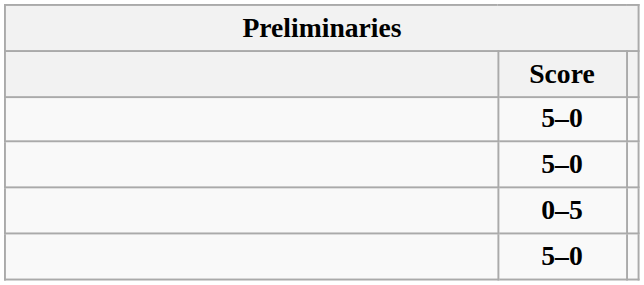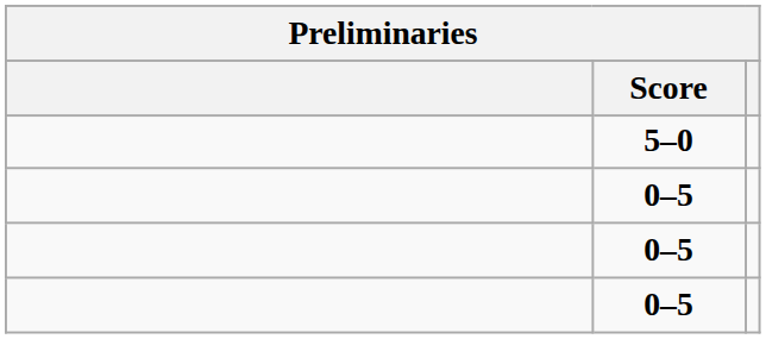 <table class="wikitable" style="text-align: center; font-size:90% ">
 <tr>
 <th colspan=3>Preliminaries</th>
 </tr>
 <tr>
 <th align="right" width="250"></th>
 <th width="60">Score</th>
 <th align=leftwidth="250"></th>
 </tr>
 <tr>
 <td align=left><strong></strong></td>
 <td><strong>5–0</strong></td>
 <td align=left></td>
 </tr>
 <tr>
 <td align=left></td>
-<td><strong>5–0</strong></td>
+<td><strong>0–5</strong></td>
 <td align=left><strong></strong></td>
 </tr>
 <tr>
 <td align=left></td>
 <td><strong>0–5</strong></td>
 <td align=left><strong></strong></td>
 </tr>
 <tr>
 <td align=left><strong></strong></td>
-<td><strong>5–0</strong></td>
+<td><strong>0–5</strong></td>
 <td align=left></td>
 </tr>
 </table>
